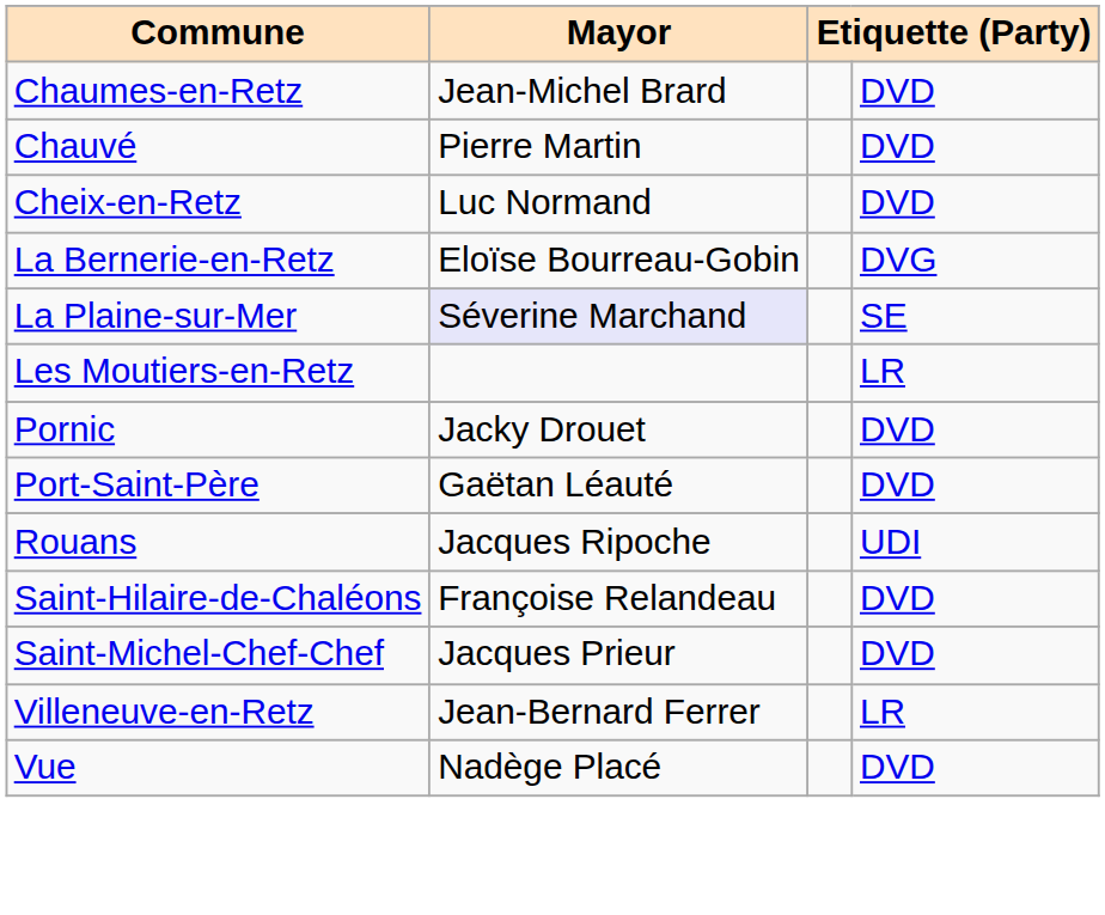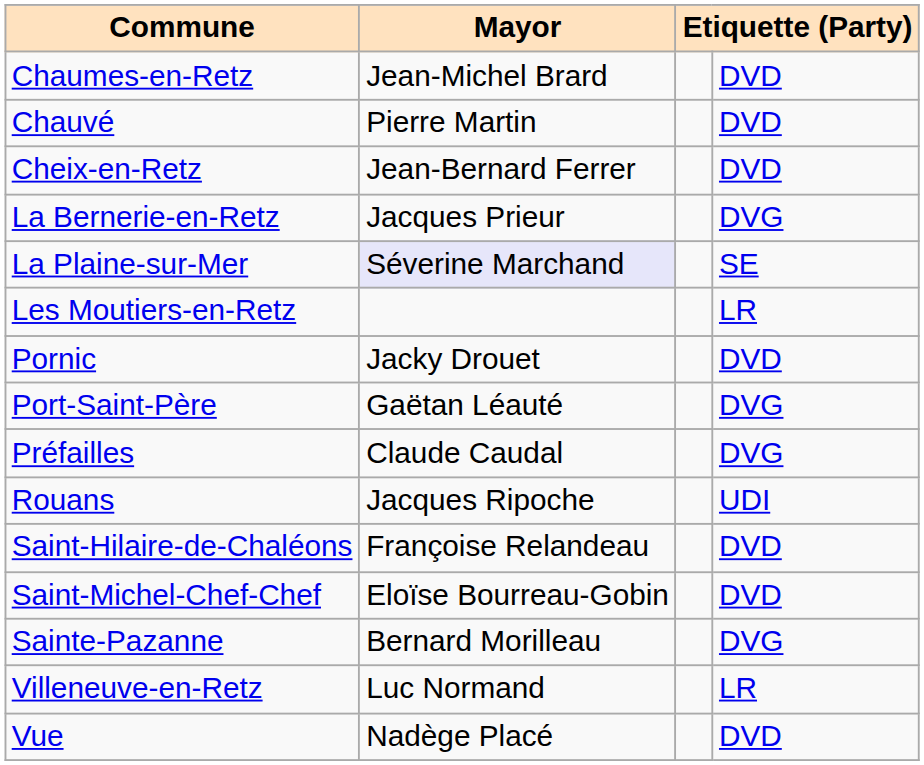 <table class="wikitable centre" style="margin-left: auto; margin-right: auto;">
 <tr>
 <th style="background: #ffe2bf; color:#000000;">Commune</th>
 <th style="background: #ffe2bf; color:#000000;">Mayor</th>
 <th style="background: #ffe2bf; color:#000000;" colspan="2">Etiquette (Party)</th>
 </tr>
 <tr>
 <td><a href='#'>Chaumes-en-Retz</a></td>
 <td>Jean-Michel Brard</td>
 <td style="background: "></td>
 <td><a href='#'>DVD</a></td>
 </tr>
 <tr>
 <td><a href='#'>Chauvé</a></td>
 <td>Pierre Martin</td>
 <td style="background: "></td>
 <td><a href='#'>DVD</a></td>
 </tr>
 <tr>
 <td><a href='#'>Cheix-en-Retz</a></td>
-<td>Luc Normand</td>
+<td>Jean-Bernard Ferrer</td>
 <td style="background: "></td>
 <td><a href='#'>DVD</a></td>
 </tr>
 <tr>
 <td><a href='#'>La Bernerie-en-Retz</a></td>
-<td>Eloïse Bourreau-Gobin</td>
+<td>Jacques Prieur</td>
 <td style="background: "></td>
 <td><a href='#'>DVG</a></td>
 </tr>
 <tr>
 <td><a href='#'>La Plaine-sur-Mer</a></td>
 <td style="background: lavender;">Séverine Marchand</td>
 <td style="background: "></td>
 <td><a href='#'>SE</a></td>
 </tr>
 <tr>
 <td><a href='#'>Les Moutiers-en-Retz</a></td>
 <td></td>
 <td style="background: "></td>
 <td><a href='#'>LR</a></td>
 </tr>
 <tr>
 <td><a href='#'>Pornic</a></td>
 <td>Jacky Drouet</td>
 <td style="background: "></td>
 <td><a href='#'>DVD</a></td>
 </tr>
 <tr>
 <td><a href='#'>Port-Saint-Père</a></td>
 <td>Gaëtan Léauté</td>
 <td style="background: "></td>
-<td><a href='#'>DVD</a></td>
+<td><a href='#'>DVG</a></td>
+</tr>
+<tr>
+<td><a href='#'>Préfailles</a></td>
+<td>Claude Caudal</td>
+<td style="background: "></td>
+<td><a href='#'>DVG</a></td>
 </tr>
 <tr>
 <td><a href='#'>Rouans</a></td>
 <td>Jacques Ripoche</td>
 <td style="background: "></td>
 <td><a href='#'>UDI</a></td>
 </tr>
 <tr>
 <td><a href='#'>Saint-Hilaire-de-Chaléons</a></td>
 <td>Françoise Relandeau</td>
 <td style="background: "></td>
 <td><a href='#'>DVD</a></td>
 </tr>
 <tr>
 <td><a href='#'>Saint-Michel-Chef-Chef</a></td>
-<td>Jacques Prieur</td>
+<td>Eloïse Bourreau-Gobin</td>
 <td style="background: "></td>
 <td><a href='#'>DVD</a></td>
 </tr>
 <tr>
+<td><a href='#'>Sainte-Pazanne</a></td>
+<td>Bernard Morilleau</td>
+<td style="background: "></td>
+<td><a href='#'>DVG</a></td>
+</tr>
+<tr>
 <td><a href='#'>Villeneuve-en-Retz</a></td>
-<td>Jean-Bernard Ferrer</td>
+<td>Luc Normand</td>
 <td style="background: "></td>
 <td><a href='#'>LR</a></td>
 </tr>
 <tr>
 <td><a href='#'>Vue</a></td>
 <td>Nadège Placé</td>
 <td style="background: "></td>
 <td><a href='#'>DVD</a></td>
 </tr>
 </table>
